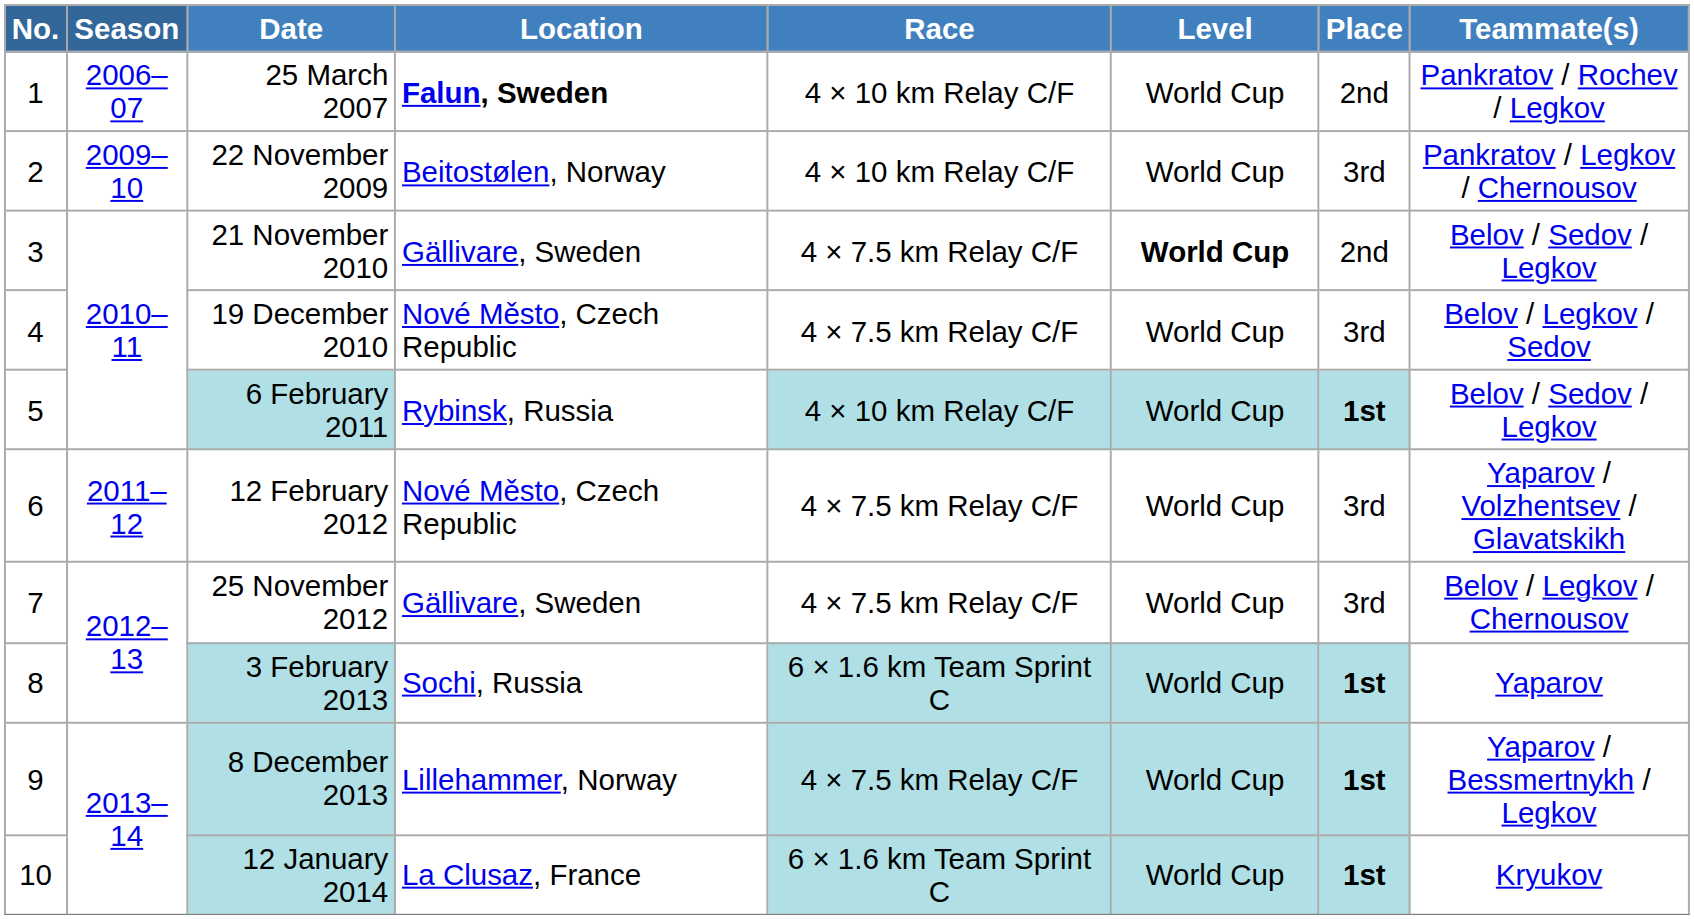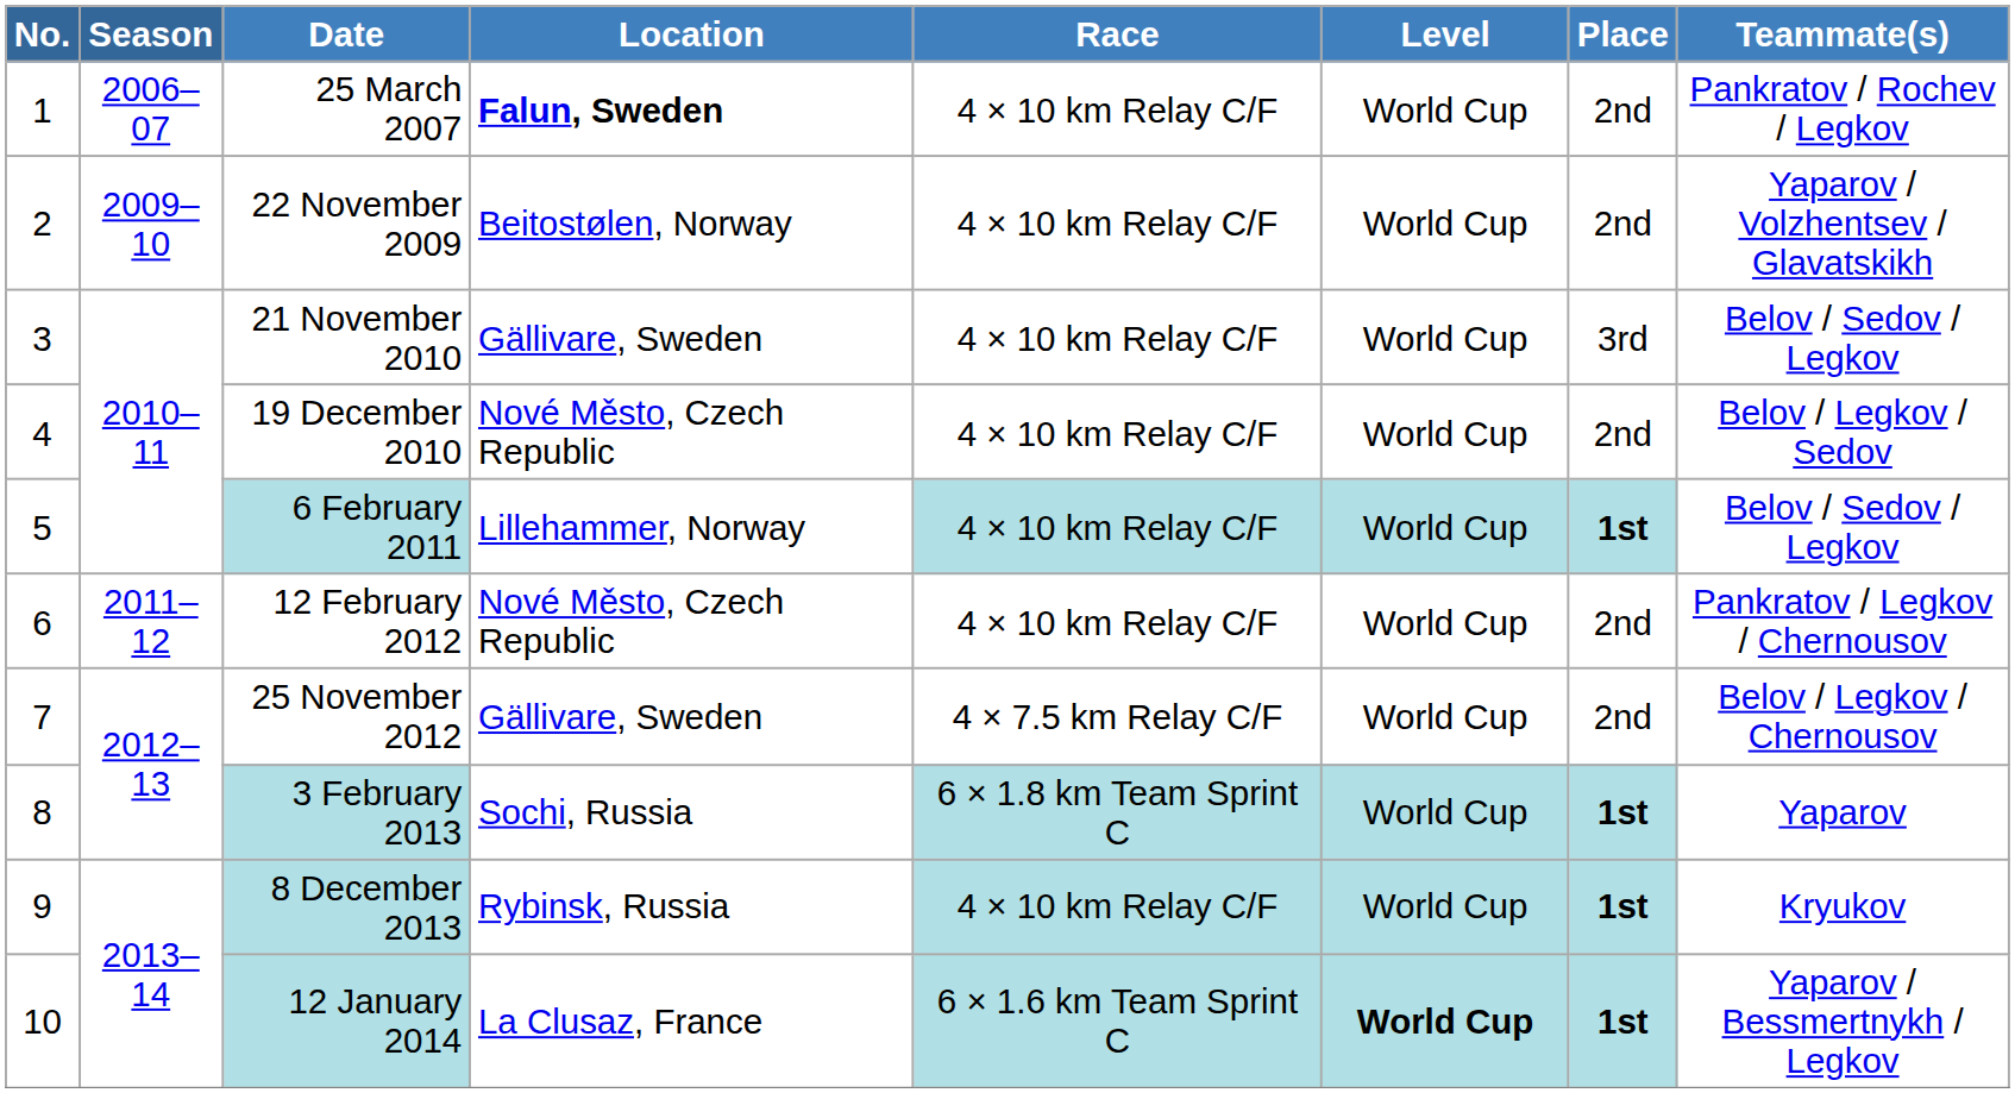 <table class="wikitable sortable" style="font-size:95%; text-align:center; border:grey solid 1px; border-collapse:collapse; background:#ffffff;">
 <tr style="background:#efefef;">
 <th style="background-color:#369; color:white;">No.</th>
 <th style="background-color:#369; color:white;">Season</th>
 <th style="background-color:#4180be; color:white; width:100px;">Date</th>
 <th style="background-color:#4180be; color:white; width:185px;">Location</th>
 <th style="background-color:#4180be; color:white; width:170px;">Race</th>
 <th style="background-color:#4180be; color:white; width:100px;">Level</th>
 <th style="background-color:#4180be; color:white;">Place</th>
 <th style="background-color:#4180be; color:white;">Teammate(s)</th>
 </tr>
 <tr>
 <td align=center>1</td>
 <td rowspan=1 align=center><a href='#'>2006–07</a></td>
 <td align=right>25 March 2007</td>
 <td align=left><strong> <a href='#'>Falun</a>, Sweden</strong></td>
 <td>4 × 10 km Relay C/F</td>
 <td>World Cup</td>
 <td>2nd</td>
 <td><a href='#'>Pankratov</a> / <a href='#'>Rochev</a> / <a href='#'>Legkov</a></td>
 </tr>
 <tr>
 <td align=center>2</td>
 <td rowspan=1 align=center><a href='#'>2009–10</a></td>
 <td align=right>22 November 2009</td>
 <td align=left> <a href='#'>Beitostølen</a>, Norway</td>
 <td>4 × 10 km Relay C/F</td>
 <td>World Cup</td>
-<td>3rd</td>
-<td><a href='#'>Pankratov</a> / <a href='#'>Legkov</a> / <a href='#'>Chernousov</a></td>
+<td>2nd</td>
+<td><a href='#'>Yaparov</a> / <a href='#'>Volzhentsev</a> / <a href='#'>Glavatskikh</a></td>
 </tr>
 <tr>
 <td align=center>3</td>
 <td rowspan=3 align=center><a href='#'>2010–11</a></td>
 <td align=right>21 November 2010</td>
 <td align=left> <a href='#'>Gällivare</a>, Sweden</td>
-<td>4 × 7.5 km Relay C/F</td>
-<td><strong>World Cup</strong></td>
-<td>2nd</td>
+<td>4 × 10 km Relay C/F</td>
+<td>World Cup</td>
+<td>3rd</td>
 <td><a href='#'>Belov</a> / <a href='#'>Sedov</a> / <a href='#'>Legkov</a></td>
 </tr>
 <tr>
 <td align=center>4</td>
 <td align=right>19 December 2010</td>
 <td align=left> <a href='#'>Nové Město</a>, Czech Republic</td>
-<td>4 × 7.5 km Relay C/F</td>
+<td>4 × 10 km Relay C/F</td>
 <td>World Cup</td>
-<td>3rd</td>
+<td>2nd</td>
 <td><a href='#'>Belov</a> / <a href='#'>Legkov</a> / <a href='#'>Sedov</a></td>
 </tr>
 <tr>
 <td align=center>5</td>
 <td bgcolor="#BOEOE6" align=right>6 February 2011</td>
-<td align=left> <a href='#'>Rybinsk</a>, Russia</td>
+<td align=left> <a href='#'>Lillehammer</a>, Norway</td>
 <td bgcolor="#BOEOE6">4 × 10 km Relay C/F</td>
 <td bgcolor="#BOEOE6">World Cup</td>
 <td bgcolor="#BOEOE6"><strong>1st</strong></td>
 <td><a href='#'>Belov</a> / <a href='#'>Sedov</a> / <a href='#'>Legkov</a></td>
 </tr>
 <tr>
 <td align=center>6</td>
 <td rowspan=1 align=center><a href='#'>2011–12</a></td>
 <td align=right>12 February 2012</td>
 <td align=left> <a href='#'>Nové Město</a>, Czech Republic</td>
-<td>4 × 7.5 km Relay C/F</td>
+<td>4 × 10 km Relay C/F</td>
 <td>World Cup</td>
-<td>3rd</td>
-<td><a href='#'>Yaparov</a> / <a href='#'>Volzhentsev</a> / <a href='#'>Glavatskikh</a></td>
+<td>2nd</td>
+<td><a href='#'>Pankratov</a> / <a href='#'>Legkov</a> / <a href='#'>Chernousov</a></td>
 </tr>
 <tr>
 <td align=center>7</td>
 <td rowspan=2 align=center><a href='#'>2012–13</a></td>
 <td align=right>25 November 2012</td>
 <td align=left> <a href='#'>Gällivare</a>, Sweden</td>
 <td>4 × 7.5 km Relay C/F</td>
 <td>World Cup</td>
-<td>3rd</td>
+<td>2nd</td>
 <td><a href='#'>Belov</a> / <a href='#'>Legkov</a> / <a href='#'>Chernousov</a></td>
 </tr>
 <tr>
 <td align=center>8</td>
 <td bgcolor="#BOEOE6" align=right>3 February 2013</td>
 <td align=left> <a href='#'>Sochi</a>, Russia</td>
-<td bgcolor="#BOEOE6">6 × 1.6 km Team Sprint C</td>
+<td bgcolor="#BOEOE6">6 × 1.8 km Team Sprint C</td>
 <td bgcolor="#BOEOE6">World Cup</td>
 <td bgcolor="#BOEOE6"><strong>1st</strong></td>
 <td><a href='#'>Yaparov</a></td>
 </tr>
 <tr>
 <td align=center>9</td>
 <td rowspan=2 align=center><a href='#'>2013–14</a></td>
 <td bgcolor="#BOEOE6" align=right>8 December 2013</td>
-<td align=left> <a href='#'>Lillehammer</a>, Norway</td>
-<td bgcolor="#BOEOE6">4 × 7.5 km Relay C/F</td>
+<td align=left> <a href='#'>Rybinsk</a>, Russia</td>
+<td bgcolor="#BOEOE6">4 × 10 km Relay C/F</td>
 <td bgcolor="#BOEOE6">World Cup</td>
 <td bgcolor="#BOEOE6"><strong>1st</strong></td>
-<td><a href='#'>Yaparov</a> / <a href='#'>Bessmertnykh</a> / <a href='#'>Legkov</a></td>
+<td><a href='#'>Kryukov</a></td>
 </tr>
 <tr>
 <td align=center>10</td>
 <td bgcolor="#BOEOE6" align=right>12 January 2014</td>
 <td align=left> <a href='#'>La Clusaz</a>, France</td>
 <td bgcolor="#BOEOE6">6 × 1.6 km Team Sprint C</td>
-<td bgcolor="#BOEOE6">World Cup</td>
+<td bgcolor="#BOEOE6"><strong>World Cup</strong></td>
 <td bgcolor="#BOEOE6"><strong>1st</strong></td>
-<td><a href='#'>Kryukov</a></td>
+<td><a href='#'>Yaparov</a> / <a href='#'>Bessmertnykh</a> / <a href='#'>Legkov</a></td>
 </tr>
 <tr>
 </tr>
 </table>
